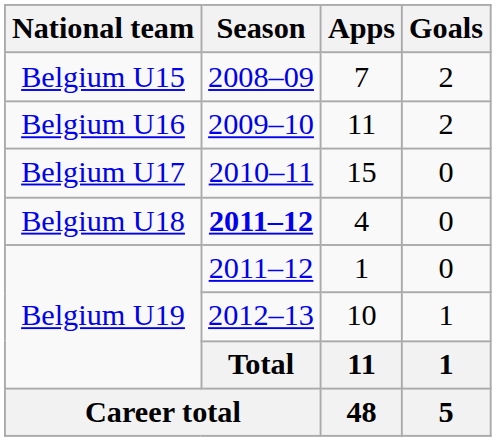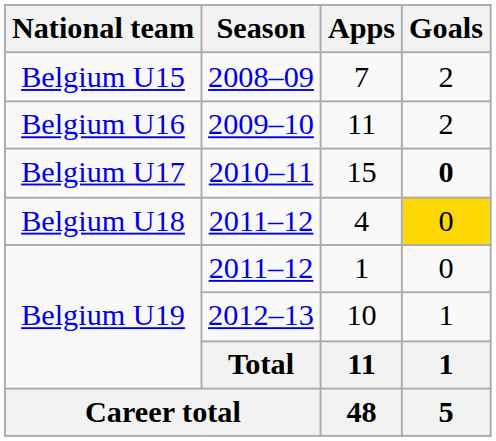 <table class="wikitable" style="text-align: center;">
 <tr>
 <th>National team</th>
 <th>Season</th>
 <th>Apps</th>
 <th>Goals</th>
 </tr>
 <tr>
 <td valign="center"><a href='#'>Belgium U15</a></td>
 <td><a href='#'>2008–09</a></td>
 <td>7</td>
 <td>2</td>
 </tr>
 <tr>
 <td valign="center"><a href='#'>Belgium U16</a></td>
 <td><a href='#'>2009–10</a></td>
 <td>11</td>
 <td>2</td>
 </tr>
 <tr>
 <td valign="center"><a href='#'>Belgium U17</a></td>
 <td><a href='#'>2010–11</a></td>
 <td>15</td>
-<td>0</td>
+<td><strong>0</strong></td>
 </tr>
 <tr>
 <td valign="center"><a href='#'>Belgium U18</a></td>
-<td><strong><a href='#'>2011–12</a></strong></td>
+<td><a href='#'>2011–12</a></td>
 <td>4</td>
-<td>0</td>
+<td style="background: gold;">0</td>
 </tr>
 <tr>
 <td rowspan="3" valign="center"><a href='#'>Belgium U19</a></td>
 <td><a href='#'>2011–12</a></td>
 <td>1</td>
 <td>0</td>
 </tr>
 <tr>
 <td><a href='#'>2012–13</a></td>
 <td>10</td>
 <td>1</td>
 </tr>
 <tr>
 <th>Total</th>
 <th>11</th>
 <th>1</th>
 </tr>
 <tr>
 <th colspan="2">Career total</th>
 <th>48</th>
 <th>5</th>
 </tr>
 </table>
